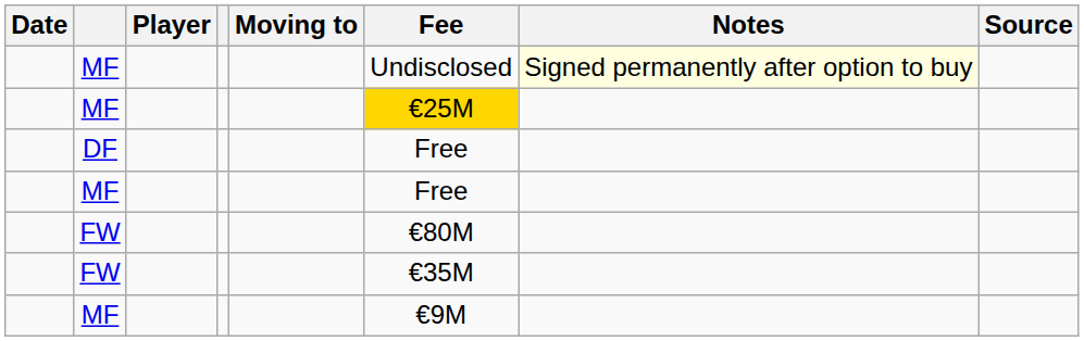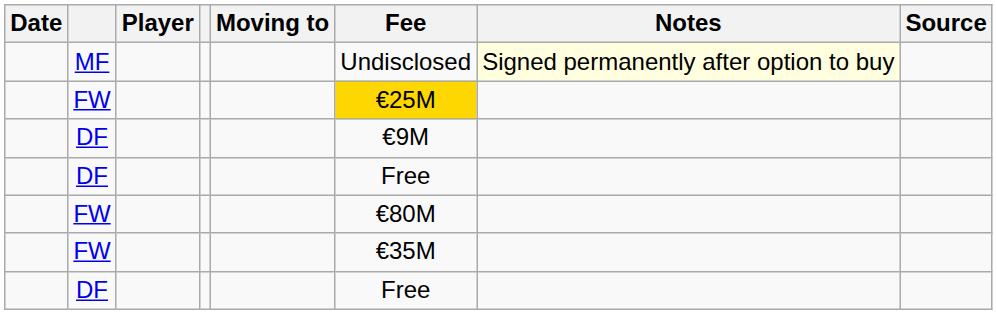 <table class="wikitable sortable">
 <tr>
 <th scope=col>Date</th>
 <th scope=col></th>
 <th scope=col>Player</th>
 <th scope=col></th>
 <th scope=col>Moving to</th>
 <th scope=col class="unsortable">Fee</th>
 <th scope=col class="unsortable">Notes</th>
 <th scope=col>Source</th>
 </tr>
 <tr>
 <td></td>
 <td align="center"><a href='#'>MF</a></td>
 <td></td>
 <td align="center"></td>
 <td></td>
 <td align="center">Undisclosed</td>
 <td align="center" style="background: lightyellow;">Signed permanently after option to buy</td>
 <td></td>
 </tr>
 <tr>
 <td></td>
-<td align="center"><a href='#'>MF</a></td>
+<td align="center"><a href='#'>FW</a></td>
 <td></td>
 <td align="center"></td>
 <td></td>
 <td align="center" style="background: gold;">€25M</td>
 <td align="center"></td>
 <td></td>
 </tr>
 <tr>
 <td></td>
 <td align="center"><a href='#'>DF</a></td>
 <td></td>
 <td align="center"></td>
 <td></td>
-<td align="center">Free</td>
+<td align="center">€9M</td>
 <td align="center"></td>
 <td></td>
 </tr>
 <tr>
 <td></td>
-<td align="center"><a href='#'>MF</a></td>
+<td align="center"><a href='#'>DF</a></td>
 <td></td>
 <td align="center"></td>
 <td></td>
 <td align="center">Free</td>
 <td align="center"></td>
 <td></td>
 </tr>
 <tr>
 <td></td>
 <td align="center"><a href='#'>FW</a></td>
 <td></td>
 <td align="center"></td>
 <td></td>
 <td align="center">€80M</td>
 <td align=“center”></td>
 <td></td>
 </tr>
 <tr>
 <td></td>
 <td align="center"><a href='#'>FW</a></td>
 <td></td>
 <td align="center"></td>
 <td></td>
 <td align="center">€35M</td>
 <td align=“center”></td>
 <td></td>
 </tr>
 <tr>
 <td></td>
-<td align="center"><a href='#'>MF</a></td>
+<td align="center"><a href='#'>DF</a></td>
 <td></td>
 <td align="center"></td>
 <td></td>
-<td align="center">€9M</td>
+<td align="center">Free</td>
 <td align=“center”></td>
 <td></td>
 </tr>
 </table>
